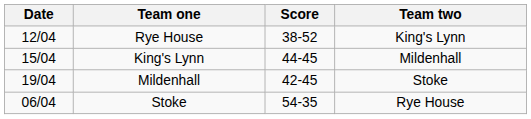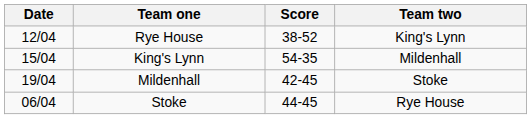 <table class="wikitable" style="text-align: center">
 <tr>
 <th width=80>Date</th>
 <th width=250>Team one</th>
 <th width=80>Score</th>
 <th width=250>Team two</th>
 </tr>
 <tr>
 <td>12/04</td>
 <td>Rye House</td>
 <td>38-52</td>
 <td>King's Lynn</td>
 </tr>
 <tr>
 <td>15/04</td>
 <td>King's Lynn</td>
-<td>44-45</td>
+<td>54-35</td>
 <td>Mildenhall</td>
 </tr>
 <tr>
 <td>19/04</td>
 <td>Mildenhall</td>
 <td>42-45</td>
 <td>Stoke</td>
 </tr>
 <tr>
 <td>06/04</td>
 <td>Stoke</td>
-<td>54-35</td>
+<td>44-45</td>
 <td>Rye House</td>
 </tr>
 </table>
